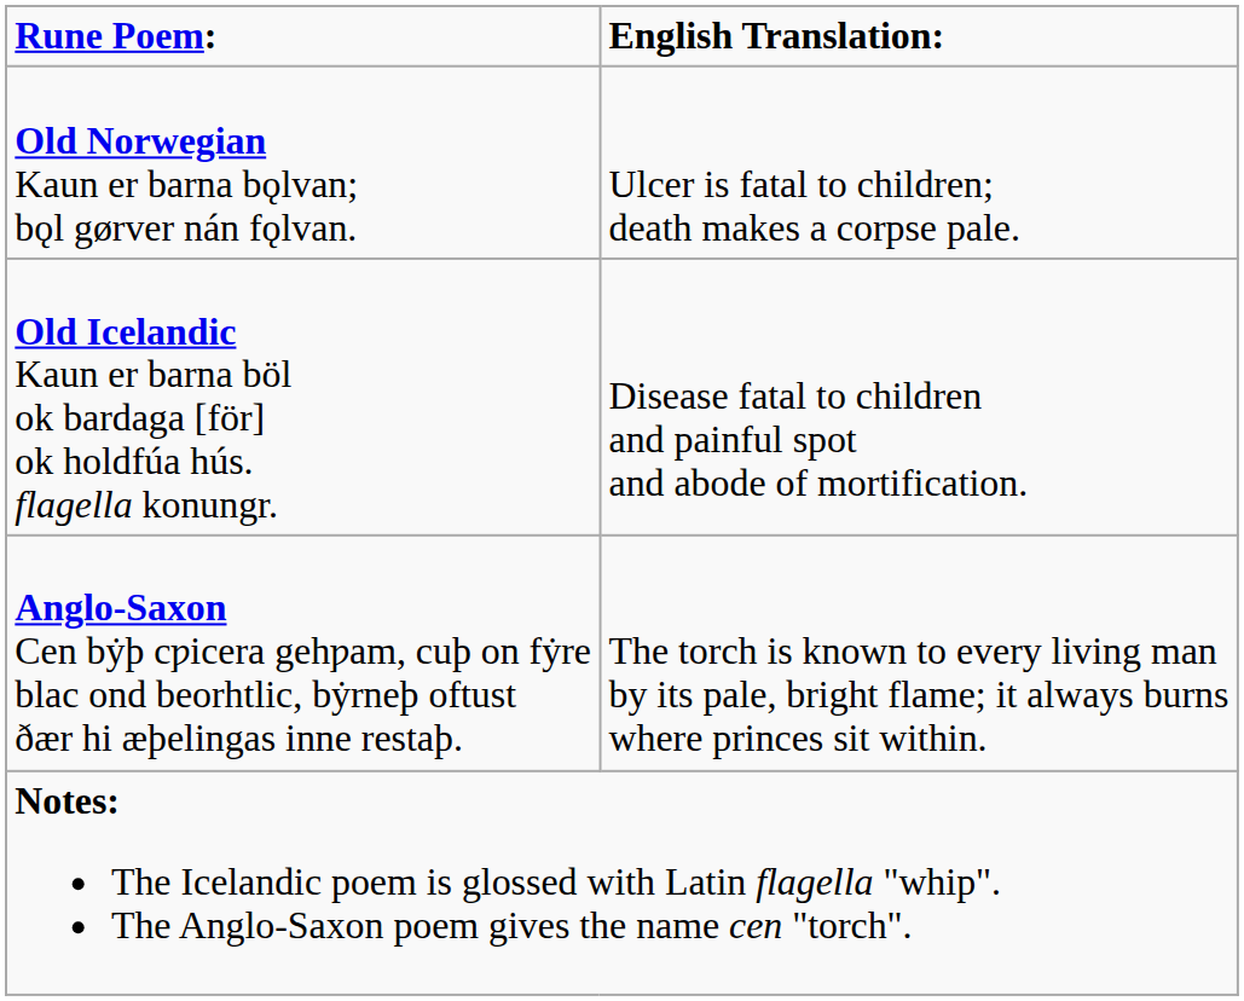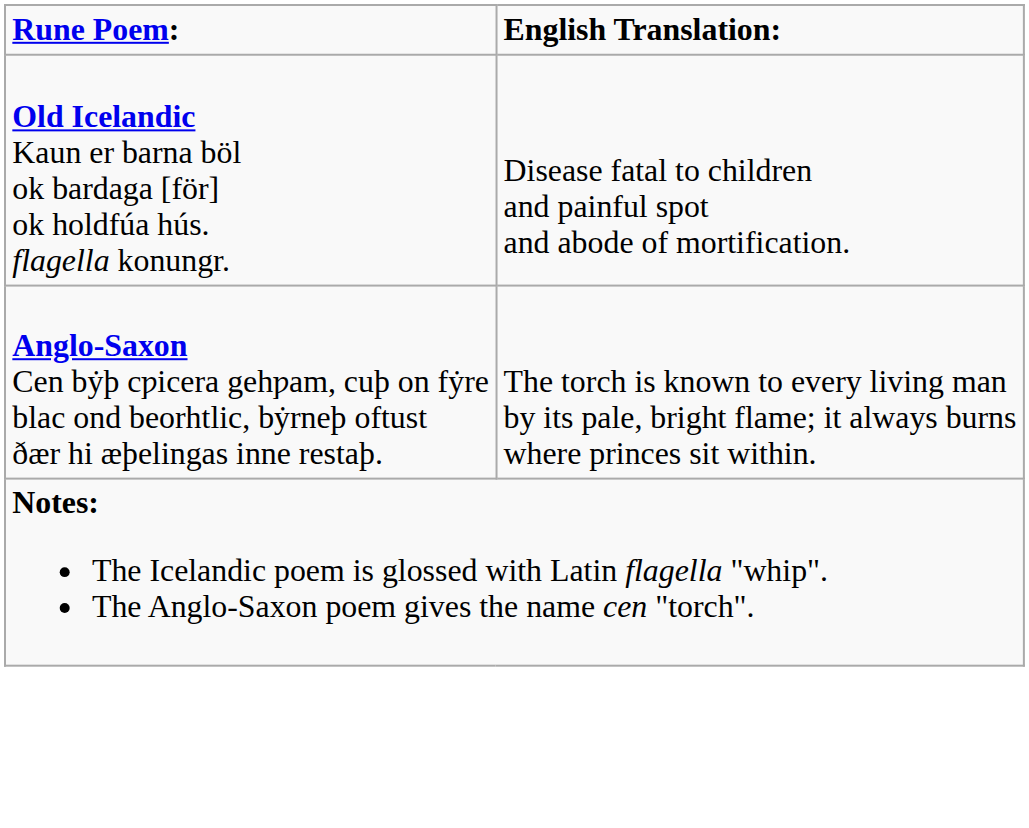 <table class="wikitable">
 <tr>
 <td><strong><a href='#'>Rune Poem</a>:</strong></td>
 <td><strong>English Translation:</strong></td>
-</tr>
-<tr>
-<td><br><strong><a href='#'>Old Norwegian</a></strong> <br> Kaun er barna bǫlvan; <br>bǫl gørver nán fǫlvan.</td>
-<td><br><br>Ulcer is fatal to children; <br>death makes a corpse pale.</td>
 </tr>
 <tr>
 <td><br><strong><a href='#'>Old Icelandic</a></strong> <br> Kaun er barna böl <br>ok bardaga [för] <br>ok holdfúa hús. <br><em>flagella</em> konungr.</td>
 <td><br><br>Disease fatal to children <br>and painful spot <br>and abode of mortification.</td>
 </tr>
 <tr>
 <td><br><strong><a href='#'>Anglo-Saxon</a></strong> <br> Cen bẏþ cƿicera gehƿam, cuþ on fẏre <br>blac ond beorhtlic, bẏrneþ oftust <br>ðær hi æþelingas inne restaþ.</td>
 <td><br><br>The torch is known to every living man <br>by its pale, bright flame; it always burns <br>where princes sit within.</td>
 </tr>
 <tr>
 <td colspan=2><strong>Notes:</strong><br><ul><li>The Icelandic poem is glossed with Latin <em>flagella</em> "whip".</li><li>The Anglo-Saxon poem gives the name <em>cen</em> "torch". </li></ul></td>
 </tr>
 </table>
